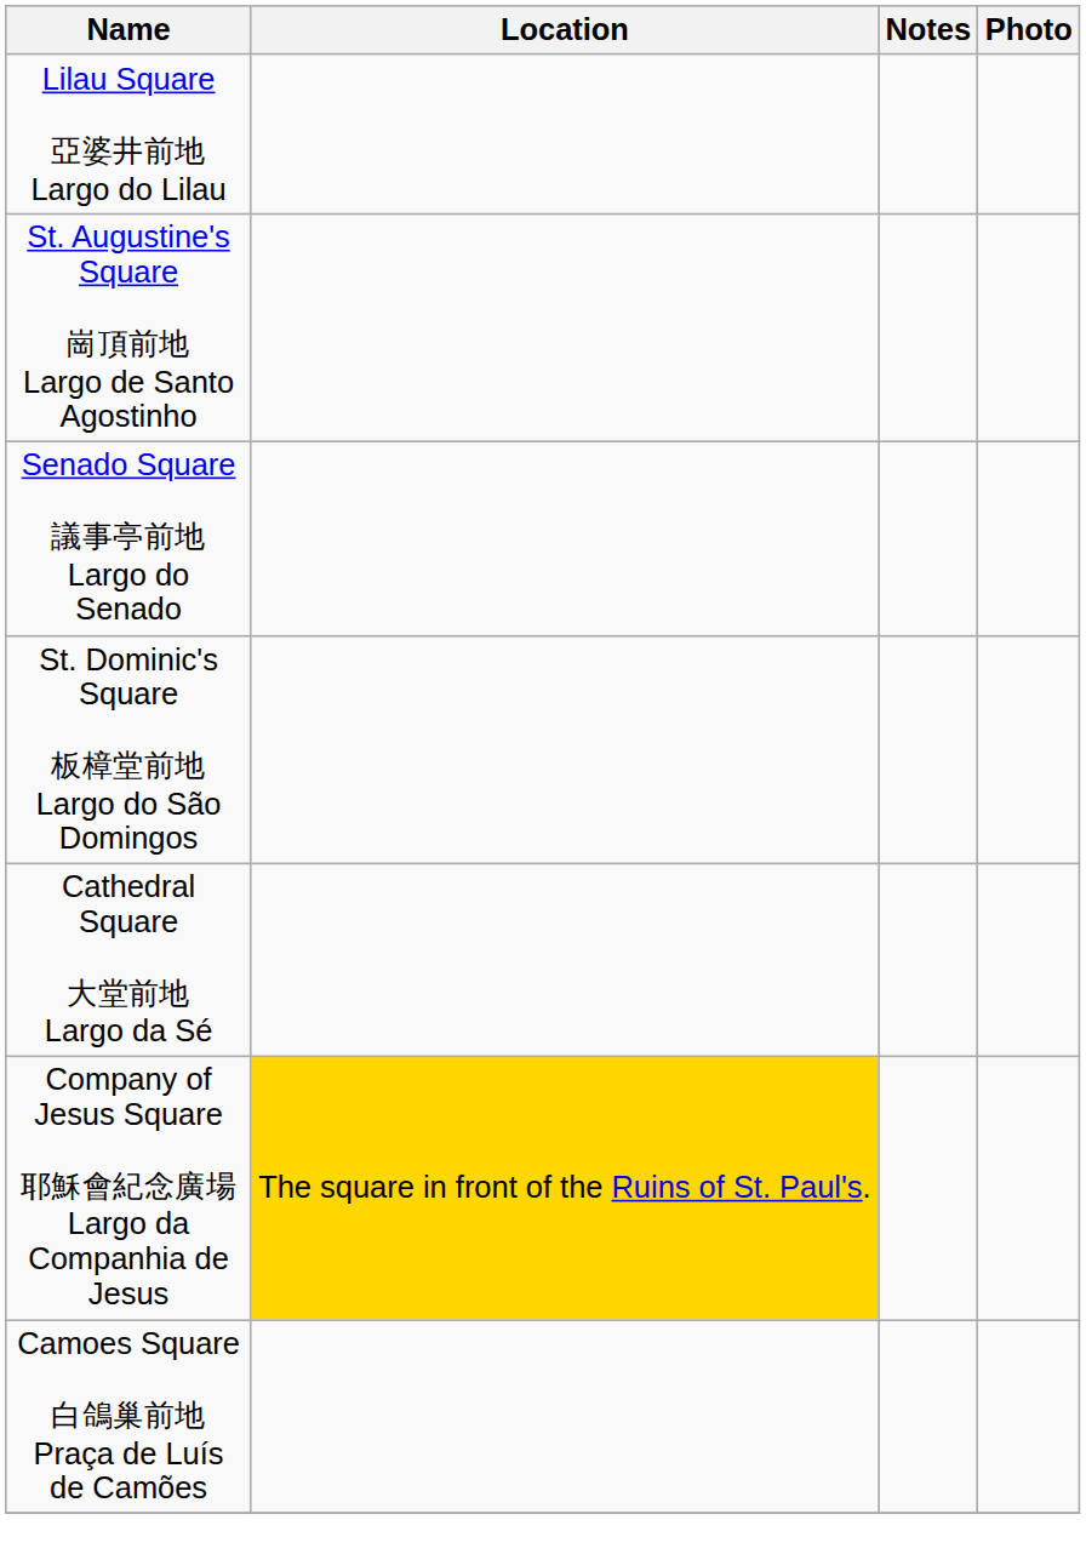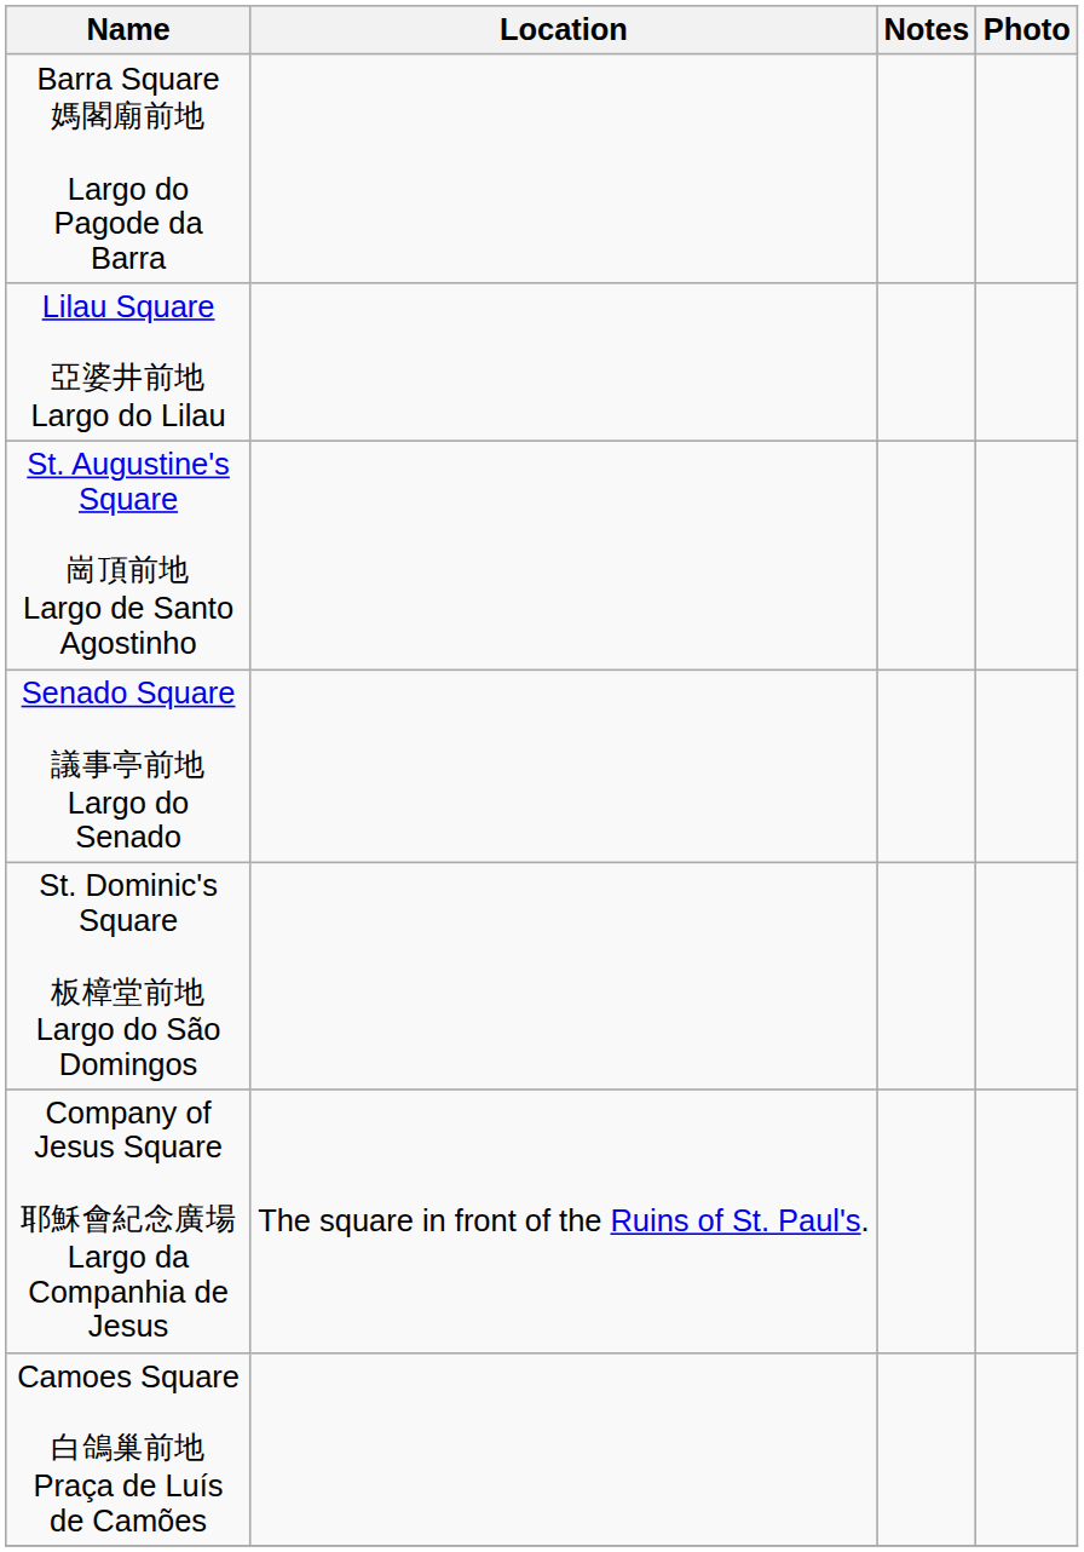 <table class="wikitable sortable" style="text-align:center" style="width:95%">
 <tr>
 <th style="width:120px;">Name</th>
 <th>Location</th>
 <th>Notes</th>
 <th>Photo</th>
+</tr>
+<tr>
+<td>Barra Square<br>媽閣廟前地<br><br>Largo do Pagode da Barra</td>
+<td></td>
+<td></td>
+<td></td>
 </tr>
 <tr>
 <td><a href='#'>Lilau Square</a><br><br>亞婆井前地<br> Largo do Lilau</td>
 <td></td>
 <td></td>
 <td></td>
 </tr>
 <tr>
 <td><a href='#'>St. Augustine's Square</a><br><br>崗頂前地<br> Largo de Santo Agostinho</td>
 <td></td>
 <td></td>
 <td></td>
 </tr>
 <tr>
 <td><a href='#'>Senado Square</a><br><br>議事亭前地<br> Largo do Senado</td>
 <td></td>
 <td></td>
 <td></td>
 </tr>
 <tr>
 <td>St. Dominic's Square<br><br>板樟堂前地<br> Largo do São Domingos</td>
 <td></td>
 <td></td>
 <td></td>
 </tr>
 <tr>
-<td>Cathedral Square<br><br>大堂前地<br> Largo da Sé</td>
-<td></td>
-<td></td>
-<td></td>
-</tr>
-<tr>
 <td>Company of Jesus Square<br><br>耶穌會紀念廣場<br> Largo da Companhia de Jesus</td>
-<td style="background: gold;">The square in front of the <a href='#'>Ruins of St. Paul's</a>.</td>
+<td>The square in front of the <a href='#'>Ruins of St. Paul's</a>.</td>
 <td></td>
 <td></td>
 </tr>
 <tr>
 <td>Camoes Square<br><br>白鴿巢前地<br> Praça de Luís de Camões</td>
 <td></td>
 <td></td>
 <td></td>
 </tr>
 <tr>
 </tr>
 </table>
